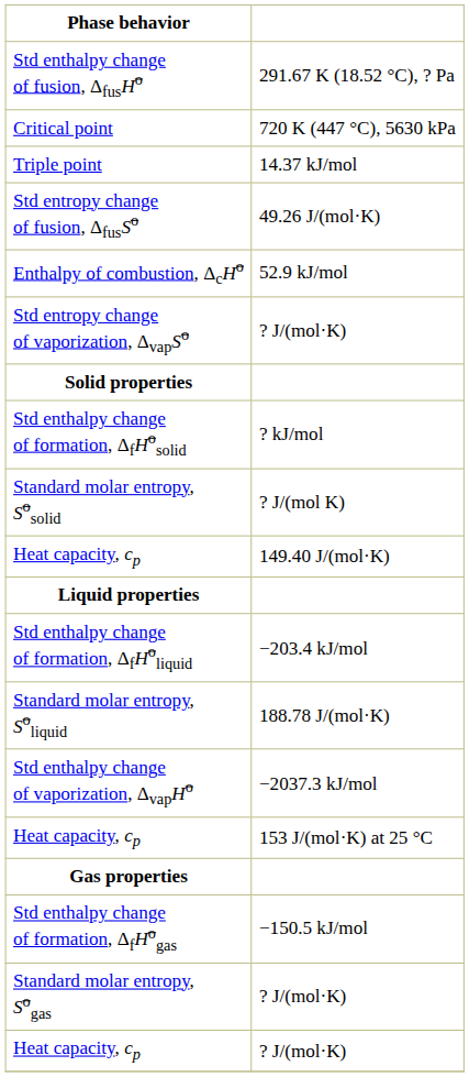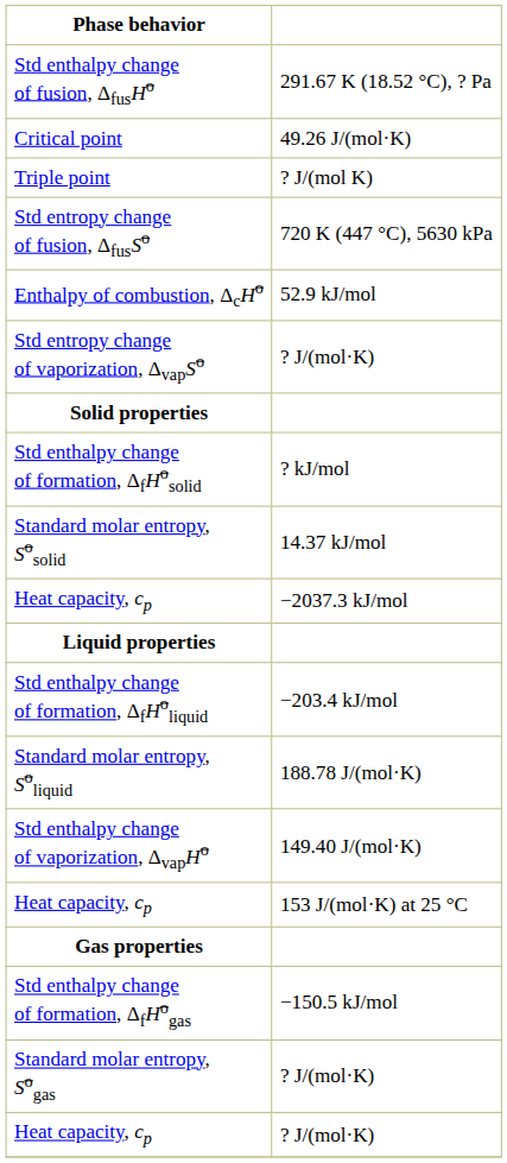 <table border="1" cellspacing="0" cellpadding="6" style="margin: 0 0 0 0.5em; background: #FFFFFF; border-collapse: collapse; border-color: #C0C090;">
 <tr>
 <th>Phase behavior</th>
 </tr>
 <tr>
 <td><a href='#'>Std enthalpy change<br>of fusion</a>, Δ<sub>fus</sub><em>H</em><sup><s>o</s></sup></td>
 <td>291.67 K (18.52 °C), ? Pa</td>
 </tr>
 <tr>
 <td><a href='#'>Critical point</a></td>
-<td>720 K (447 °C), 5630 kPa</td>
+<td>49.26 J/(mol·K)</td>
 </tr>
 <tr>
 <td><a href='#'>Triple point</a></td>
-<td>14.37 kJ/mol</td>
+<td>? J/(mol K)</td>
 </tr>
 <tr>
 <td><a href='#'>Std entropy change<br>of fusion</a>, Δ<sub>fus</sub><em>S</em><sup><s>o</s></sup></td>
-<td>49.26 J/(mol·K)</td>
+<td>720 K (447 °C), 5630 kPa</td>
 </tr>
 <tr>
 <td><a href='#'>Enthalpy of combustion</a>, Δ<sub>c</sub><em>H</em><sup><s>o</s></sup></td>
 <td>52.9 kJ/mol</td>
 </tr>
 <tr>
 <td><a href='#'>Std entropy change<br>of vaporization</a>, Δ<sub>vap</sub><em>S</em><sup><s>o</s></sup></td>
 <td>? J/(mol·K)</td>
 </tr>
 <tr>
 <th>Solid properties</th>
 </tr>
 <tr>
 <td><a href='#'>Std enthalpy change<br>of formation</a>, Δ<sub>f</sub><em>H</em><sup><s>o</s></sup><sub>solid</sub></td>
 <td>? kJ/mol</td>
 </tr>
 <tr>
 <td><a href='#'>Standard molar entropy</a>,<br><em>S</em><sup><s>o</s></sup><sub>solid</sub></td>
-<td>? J/(mol K)</td>
+<td>14.37 kJ/mol</td>
 </tr>
 <tr>
 <td><a href='#'>Heat capacity</a>, <em>c<sub>p</sub></em></td>
-<td>149.40 J/(mol·K)</td>
+<td>−2037.3 kJ/mol</td>
 </tr>
 <tr>
 <th>Liquid properties</th>
 </tr>
 <tr>
 <td><a href='#'>Std enthalpy change<br>of formation</a>, Δ<sub>f</sub><em>H</em><sup><s>o</s></sup><sub>liquid</sub></td>
 <td>−203.4 kJ/mol</td>
 </tr>
 <tr>
 <td><a href='#'>Standard molar entropy</a>,<br><em>S</em><sup><s>o</s></sup><sub>liquid</sub></td>
 <td>188.78 J/(mol·K)</td>
 </tr>
 <tr>
 <td><a href='#'>Std enthalpy change<br>of vaporization</a>, Δ<sub>vap</sub><em>H</em><sup><s>o</s></sup></td>
-<td>−2037.3 kJ/mol</td>
+<td>149.40 J/(mol·K)</td>
 </tr>
 <tr>
 <td><a href='#'>Heat capacity</a>, <em>c<sub>p</sub></em></td>
 <td>153 J/(mol·K) at 25 °C</td>
 </tr>
 <tr>
 <th>Gas properties</th>
 </tr>
 <tr>
 <td><a href='#'>Std enthalpy change<br>of formation</a>, Δ<sub>f</sub><em>H</em><sup><s>o</s></sup><sub>gas</sub></td>
 <td>−150.5 kJ/mol</td>
 </tr>
 <tr>
 <td><a href='#'>Standard molar entropy</a>,<br><em>S</em><sup><s>o</s></sup><sub>gas</sub></td>
 <td>? J/(mol·K)</td>
 </tr>
 <tr>
 <td><a href='#'>Heat capacity</a>, <em>c<sub>p</sub></em></td>
 <td>? J/(mol·K)</td>
 </tr>
 <tr>
 </tr>
 </table>
